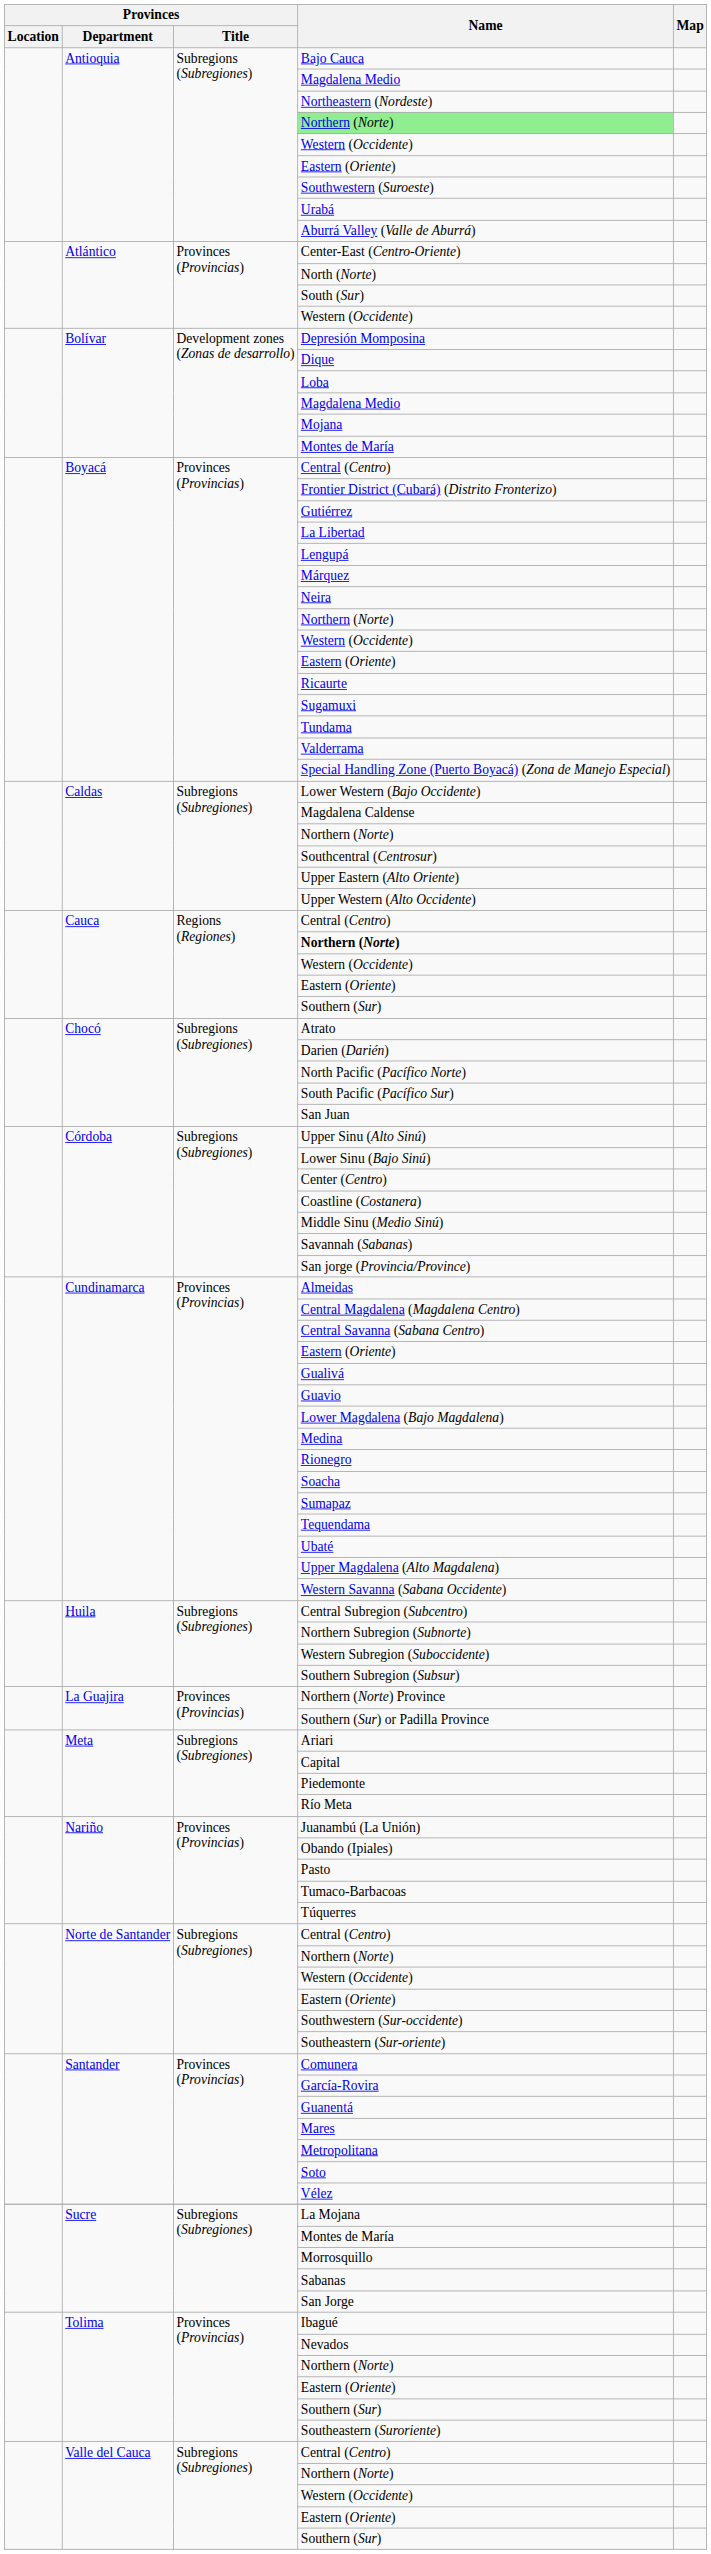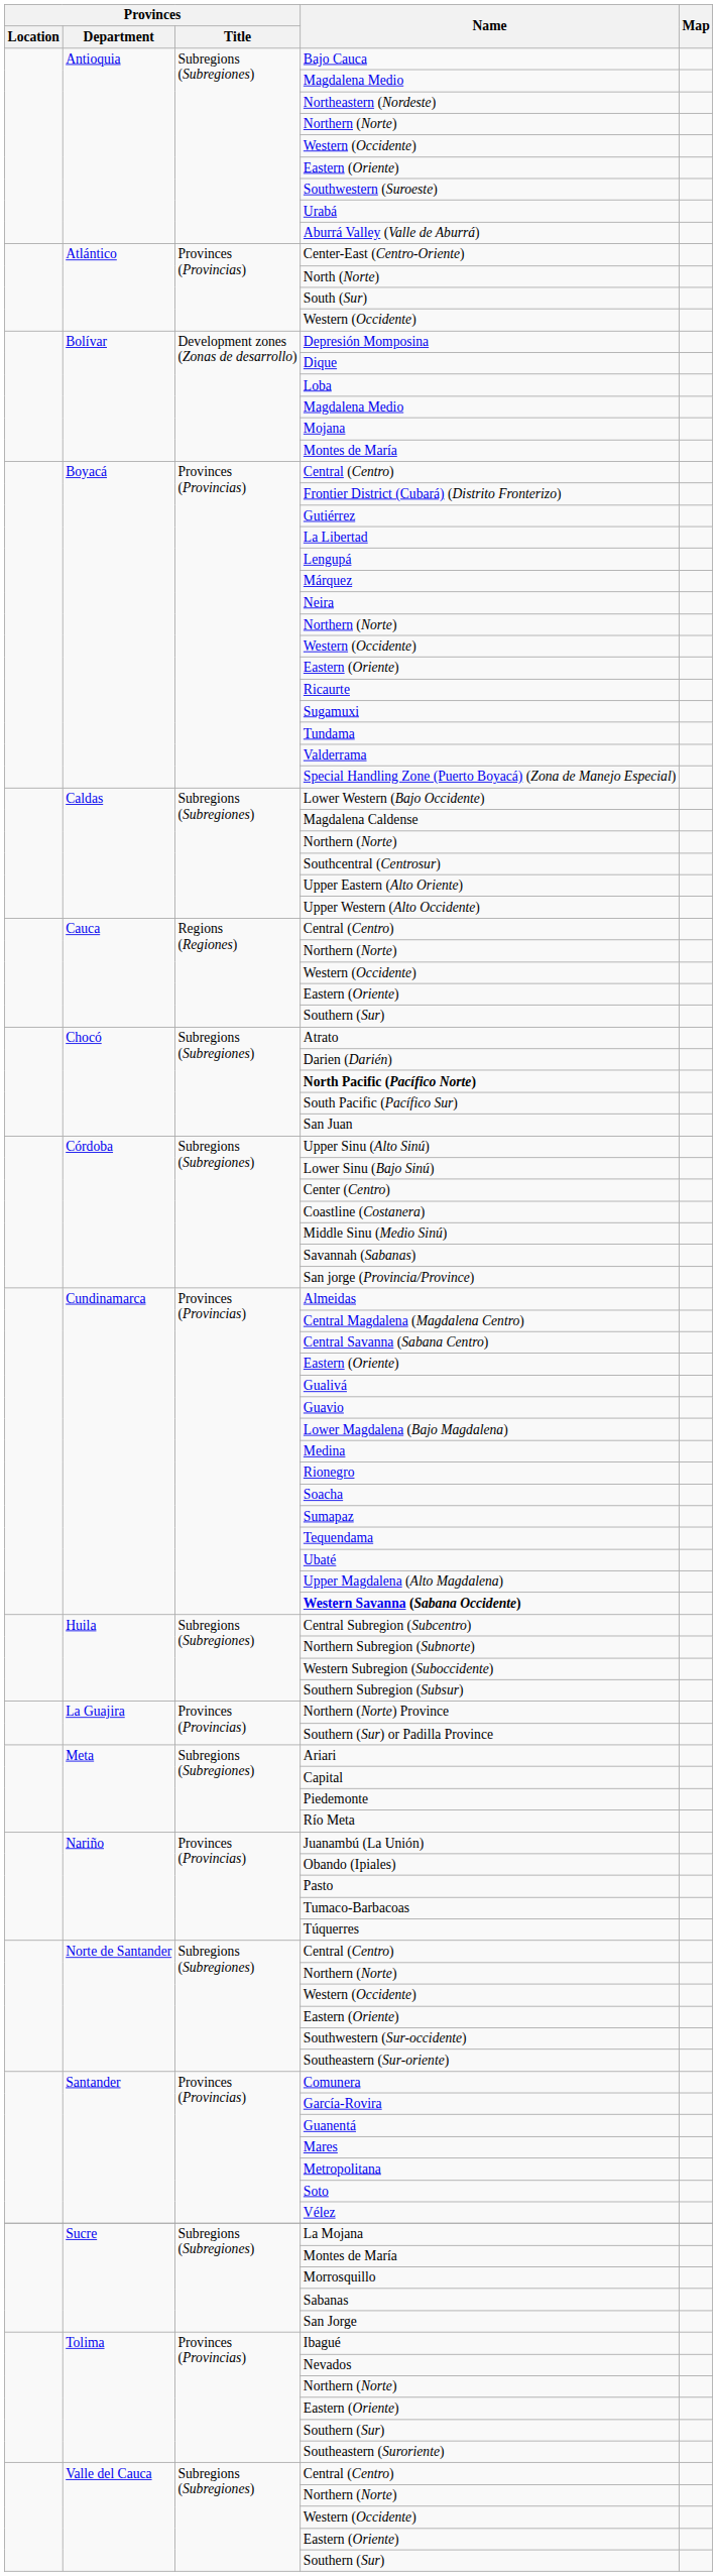 <table class="wikitable">
 <tr>
 <th colspan="3">Provinces</th>
 <th rowspan="2">Name</th>
 <th rowspan="2">Map</th>
 </tr>
 <tr>
 <th>Location</th>
 <th>Department</th>
 <th>Title</th>
 </tr>
 <tr>
 <td valign="top" rowspan="9"></td>
 <td valign="top" rowspan="9"><a href='#'>Antioquia</a></td>
 <td valign="top" rowspan="9">Subregions<br>(<em>Subregiones</em>) </td>
 <td><a href='#'>Bajo Cauca</a></td>
 <td></td>
 </tr>
 <tr>
 <td><a href='#'>Magdalena Medio</a></td>
 <td></td>
 </tr>
 <tr>
 <td><a href='#'>Northeastern</a> (<em>Nordeste</em>)</td>
 <td></td>
 </tr>
 <tr>
-<td style="background: lightgreen;"><a href='#'>Northern</a> (<em>Norte</em>)</td>
+<td><a href='#'>Northern</a> (<em>Norte</em>)</td>
 <td></td>
 </tr>
 <tr>
 <td><a href='#'>Western</a> (<em>Occidente</em>)</td>
 <td></td>
 </tr>
 <tr>
 <td><a href='#'>Eastern</a> (<em>Oriente</em>)</td>
 <td></td>
 </tr>
 <tr>
 <td><a href='#'>Southwestern</a> (<em>Suroeste</em>)</td>
 <td></td>
 </tr>
 <tr>
 <td><a href='#'>Urabá</a></td>
 <td></td>
 </tr>
 <tr>
 <td><a href='#'>Aburrá Valley</a> (<em>Valle de Aburrá</em>)</td>
 <td></td>
 </tr>
 <tr>
 <td valign="top" rowspan="4"></td>
 <td valign="top" rowspan="4"><a href='#'>Atlántico</a></td>
 <td valign="top" rowspan="4">Provinces<br>(<em>Provincias</em>)</td>
 <td>Center-East (<em>Centro-Oriente</em>)</td>
 <td></td>
 </tr>
 <tr>
 <td>North (<em>Norte</em>)</td>
 <td></td>
 </tr>
 <tr>
 <td>South (<em>Sur</em>)</td>
 <td></td>
 </tr>
 <tr>
 <td>Western (<em>Occidente</em>)</td>
 <td></td>
 </tr>
 <tr>
 <td valign="top" rowspan="6"></td>
 <td valign="top" rowspan="6"><a href='#'>Bolívar</a></td>
 <td valign="top" rowspan="6">Development zones<br>(<em>Zonas de desarrollo</em>)</td>
 <td><a href='#'>Depresión Momposina</a></td>
 <td></td>
 </tr>
 <tr>
 <td><a href='#'>Dique</a></td>
 <td></td>
 </tr>
 <tr>
 <td><a href='#'>Loba</a></td>
 <td></td>
 </tr>
 <tr>
 <td><a href='#'>Magdalena Medio</a></td>
 <td></td>
 </tr>
 <tr>
 <td><a href='#'>Mojana</a></td>
 <td></td>
 </tr>
 <tr>
 <td><a href='#'>Montes de María</a></td>
 <td></td>
 </tr>
 <tr>
 <td valign="top" rowspan="15"></td>
 <td valign="top" rowspan="15"><a href='#'>Boyacá</a></td>
 <td valign="top" rowspan="15">Provinces<br>(<em>Provincias</em>) </td>
 <td><a href='#'>Central</a> (<em>Centro</em>)</td>
 <td></td>
 </tr>
 <tr>
 <td><a href='#'>Frontier District (Cubará)</a> (<em>Distrito Fronterizo</em>)</td>
 <td></td>
 </tr>
 <tr>
 <td><a href='#'>Gutiérrez</a></td>
 <td></td>
 </tr>
 <tr>
 <td><a href='#'>La Libertad</a></td>
 <td></td>
 </tr>
 <tr>
 <td><a href='#'>Lengupá</a></td>
 <td></td>
 </tr>
 <tr>
 <td><a href='#'>Márquez</a></td>
 <td></td>
 </tr>
 <tr>
 <td><a href='#'>Neira</a></td>
 <td></td>
 </tr>
 <tr>
 <td><a href='#'>Northern</a> (<em>Norte</em>)</td>
 <td></td>
 </tr>
 <tr>
 <td><a href='#'>Western</a> (<em>Occidente</em>)</td>
 <td></td>
 </tr>
 <tr>
 <td><a href='#'>Eastern</a> (<em>Oriente</em>)</td>
 <td></td>
 </tr>
 <tr>
 <td><a href='#'>Ricaurte</a></td>
 <td></td>
 </tr>
 <tr>
 <td><a href='#'>Sugamuxi</a></td>
 <td></td>
 </tr>
 <tr>
 <td><a href='#'>Tundama</a></td>
 <td></td>
 </tr>
 <tr>
 <td><a href='#'>Valderrama</a></td>
 <td></td>
 </tr>
 <tr>
 <td><a href='#'>Special Handling Zone (Puerto Boyacá)</a> (<em>Zona de Manejo Especial</em>)</td>
 <td></td>
 </tr>
 <tr>
 <td valign="top" rowspan="6"></td>
 <td valign="top" rowspan="6"><a href='#'>Caldas</a></td>
 <td valign="top" rowspan="6">Subregions<br>(<em>Subregiones</em>) </td>
 <td>Lower Western (<em>Bajo Occidente</em>)</td>
 <td></td>
 </tr>
 <tr>
 <td>Magdalena Caldense</td>
 <td></td>
 </tr>
 <tr>
 <td>Northern (<em>Norte</em>)</td>
 <td></td>
 </tr>
 <tr>
 <td>Southcentral (<em>Centrosur</em>)</td>
 <td></td>
 </tr>
 <tr>
 <td>Upper Eastern (<em>Alto Oriente</em>)</td>
 <td></td>
 </tr>
 <tr>
 <td>Upper Western (<em>Alto Occidente</em>)</td>
 </tr>
 <tr>
 <td valign="top" rowspan="5"></td>
 <td valign="top" rowspan="5"><a href='#'>Cauca</a></td>
 <td valign="top" rowspan="5">Regions<br>(<em>Regiones</em>)</td>
 <td>Central (<em>Centro</em>)</td>
 <td></td>
 </tr>
 <tr>
-<td><strong>Northern (<em>Norte</em>)</strong></td>
+<td>Northern (<em>Norte</em>)</td>
 <td></td>
 </tr>
 <tr>
 <td>Western (<em>Occidente</em>)</td>
 <td></td>
 </tr>
 <tr>
 <td>Eastern (<em>Oriente</em>)</td>
 <td></td>
 </tr>
 <tr>
 <td>Southern (<em>Sur</em>)</td>
 <td></td>
 </tr>
 <tr>
 <td valign="top" rowspan="5"></td>
 <td valign="top" rowspan="5"><a href='#'>Chocó</a></td>
 <td valign="top" rowspan="5">Subregions<br>(<em>Subregiones</em>)</td>
 <td>Atrato</td>
 <td></td>
 </tr>
 <tr>
 <td>Darien (<em>Darién</em>)</td>
 <td></td>
 </tr>
 <tr>
-<td>North Pacific (<em>Pacífico Norte</em>)</td>
+<td><strong>North Pacific (<em>Pacífico Norte</em>)</strong></td>
 <td></td>
 </tr>
 <tr>
 <td>South Pacific (<em>Pacífico Sur</em>)</td>
 <td></td>
 </tr>
 <tr>
 <td>San Juan</td>
 <td></td>
 </tr>
 <tr>
 <td valign="top" rowspan="7"></td>
 <td valign="top" rowspan="7"><a href='#'>Córdoba</a></td>
 <td valign="top" rowspan="7">Subregions<br>(<em>Subregiones</em>)</td>
 <td>Upper Sinu (<em>Alto Sinú</em>)</td>
 <td></td>
 </tr>
 <tr>
 <td>Lower Sinu (<em>Bajo Sinú</em>)</td>
 <td></td>
 </tr>
 <tr>
 <td>Center (<em>Centro</em>)</td>
 <td></td>
 </tr>
 <tr>
 <td>Coastline (<em>Costanera</em>)</td>
 <td></td>
 </tr>
 <tr>
 <td>Middle Sinu (<em>Medio Sinú</em>)</td>
 <td></td>
 </tr>
 <tr>
 <td>Savannah (<em>Sabanas</em>)</td>
 <td></td>
 </tr>
 <tr>
 <td>San jorge (<em>Provincia/Province</em>)</td>
 <td></td>
 </tr>
 <tr>
 <td valign="top" rowspan="15"></td>
 <td valign="top" rowspan="15"><a href='#'>Cundinamarca</a></td>
 <td valign="top" rowspan="15">Provinces<br>(<em>Provincias</em>) </td>
 <td><a href='#'>Almeidas</a></td>
 <td></td>
 </tr>
 <tr>
 <td><a href='#'>Central Magdalena</a> (<em>Magdalena Centro</em>)</td>
 <td></td>
 </tr>
 <tr>
 <td><a href='#'>Central Savanna</a> (<em>Sabana Centro</em>)</td>
 <td></td>
 </tr>
 <tr>
 <td><a href='#'>Eastern</a> (<em>Oriente</em>)</td>
 <td></td>
 </tr>
 <tr>
 <td><a href='#'>Gualivá</a></td>
 <td></td>
 </tr>
 <tr>
 <td><a href='#'>Guavio</a></td>
 <td></td>
 </tr>
 <tr>
 <td><a href='#'>Lower Magdalena</a> (<em>Bajo Magdalena</em>)</td>
 <td></td>
 </tr>
 <tr>
 <td><a href='#'>Medina</a></td>
 <td></td>
 </tr>
 <tr>
 <td><a href='#'>Rionegro</a></td>
 <td></td>
 </tr>
 <tr>
 <td><a href='#'>Soacha</a></td>
 <td></td>
 </tr>
 <tr>
 <td><a href='#'>Sumapaz</a></td>
 <td></td>
 </tr>
 <tr>
 <td><a href='#'>Tequendama</a></td>
 <td></td>
 </tr>
 <tr>
 <td><a href='#'>Ubaté</a></td>
 <td></td>
 </tr>
 <tr>
 <td><a href='#'>Upper Magdalena</a> (<em>Alto Magdalena</em>)</td>
 <td></td>
 </tr>
 <tr>
-<td><a href='#'>Western Savanna</a> (<em>Sabana Occidente</em>)</td>
+<td><strong><a href='#'>Western Savanna</a> (<em>Sabana Occidente</em>)</strong></td>
 <td></td>
 </tr>
 <tr>
 <td valign="top" rowspan="4"></td>
 <td valign="top" rowspan="4"><a href='#'>Huila</a></td>
 <td valign="top" rowspan="4">Subregions<br>(<em>Subregiones</em>) </td>
 <td>Central Subregion (<em>Subcentro</em>)</td>
 <td></td>
 </tr>
 <tr>
 <td>Northern Subregion (<em>Subnorte</em>)</td>
 <td></td>
 </tr>
 <tr>
 <td>Western Subregion (<em>Suboccidente</em>)</td>
 <td></td>
 </tr>
 <tr>
 <td>Southern Subregion (<em>Subsur</em>)</td>
 <td></td>
 </tr>
 <tr>
 <td valign="top" rowspan="2"></td>
 <td valign="top" rowspan="2"><a href='#'>La Guajira</a></td>
 <td valign="top" rowspan="2">Provinces<br>(<em>Provincias</em>)</td>
 <td>Northern (<em>Norte</em>) Province</td>
 <td></td>
 </tr>
 <tr>
 <td>Southern (<em>Sur</em>) or Padilla Province</td>
 <td></td>
 </tr>
 <tr>
 <td valign="top" rowspan="4"></td>
 <td valign="top" rowspan="4"><a href='#'>Meta</a></td>
 <td valign="top" rowspan="4">Subregions<br>(<em>Subregiones</em>)</td>
 <td>Ariari</td>
 <td></td>
 </tr>
 <tr>
 <td>Capital</td>
 <td></td>
 </tr>
 <tr>
 <td>Piedemonte</td>
 <td></td>
 </tr>
 <tr>
 <td>Río Meta</td>
 <td></td>
 </tr>
 <tr>
 <td valign="top" rowspan="5"></td>
 <td valign="top" rowspan="5"><a href='#'>Nariño</a></td>
 <td valign="top" rowspan="5">Provinces<br>(<em>Provincias</em>)</td>
 <td>Juanambú (La Unión)</td>
 <td></td>
 </tr>
 <tr>
 <td>Obando (Ipiales)</td>
 <td></td>
 </tr>
 <tr>
 <td>Pasto</td>
 <td></td>
 </tr>
 <tr>
 <td>Tumaco-Barbacoas</td>
 <td></td>
 </tr>
 <tr>
 <td>Túquerres</td>
 <td></td>
 </tr>
 <tr>
 <td valign="top" rowspan="6"></td>
 <td valign="top" rowspan="6"><a href='#'>Norte de Santander</a></td>
 <td valign="top" rowspan="6">Subregions<br>(<em>Subregiones</em>) </td>
 <td>Central (<em>Centro</em>)</td>
 <td></td>
 </tr>
 <tr>
 <td>Northern (<em>Norte</em>)</td>
 <td></td>
 </tr>
 <tr>
 <td>Western (<em>Occidente</em>)</td>
 <td></td>
 </tr>
 <tr>
 <td>Eastern (<em>Oriente</em>)</td>
 <td></td>
 </tr>
 <tr>
 <td>Southwestern (<em>Sur-occidente</em>)</td>
 <td></td>
 </tr>
 <tr>
 <td>Southeastern (<em>Sur-oriente</em>)</td>
 <td></td>
 </tr>
 <tr>
 <td valign="top" rowspan="7"></td>
 <td valign="top" rowspan="7"><a href='#'>Santander</a></td>
 <td valign="top" rowspan="7">Provinces<br>(<em>Provincias</em>)</td>
 <td><a href='#'>Comunera</a></td>
 <td></td>
 </tr>
 <tr>
 <td><a href='#'>García-Rovira</a></td>
 <td></td>
 </tr>
 <tr>
 <td><a href='#'>Guanentá</a></td>
 <td></td>
 </tr>
 <tr>
 <td><a href='#'>Mares</a></td>
 <td></td>
 </tr>
 <tr>
 <td><a href='#'>Metropolitana</a></td>
 <td></td>
 </tr>
 <tr>
 <td><a href='#'>Soto</a></td>
 <td></td>
 </tr>
 <tr>
 <td><a href='#'>Vélez</a></td>
 <td></td>
 </tr>
 <tr>
 </tr>
 <tr>
 <td valign="top" rowspan="5"></td>
 <td valign="top" rowspan="5"><a href='#'>Sucre</a></td>
 <td valign="top" rowspan="5">Subregions<br>(<em>Subregiones</em>) </td>
 <td>La Mojana</td>
 <td></td>
 </tr>
 <tr>
 <td>Montes de María</td>
 <td></td>
 </tr>
 <tr>
 <td>Morrosquillo</td>
 <td></td>
 </tr>
 <tr>
 <td>Sabanas</td>
 <td></td>
 </tr>
 <tr>
 <td>San Jorge</td>
 <td></td>
 </tr>
 <tr>
 <td valign="top" rowspan="6"></td>
 <td valign="top" rowspan="6"><a href='#'>Tolima</a></td>
 <td valign="top" rowspan="6">Provinces<br>(<em>Provincias</em>)</td>
 <td>Ibagué</td>
 <td></td>
 </tr>
 <tr>
 <td>Nevados</td>
 <td></td>
 </tr>
 <tr>
 <td>Northern (<em>Norte</em>)</td>
 <td></td>
 </tr>
 <tr>
 <td>Eastern (<em>Oriente</em>)</td>
 <td></td>
 </tr>
 <tr>
 <td>Southern (<em>Sur</em>)</td>
 <td></td>
 </tr>
 <tr>
 <td>Southeastern (<em>Suroriente</em>)</td>
 <td></td>
 </tr>
 <tr>
 <td valign="top" rowspan="5"></td>
 <td valign="top" rowspan="5"><a href='#'>Valle del Cauca</a></td>
 <td valign="top" rowspan="5">Subregions<br>(<em>Subregiones</em>) </td>
 <td>Central (<em>Centro</em>)</td>
 <td></td>
 </tr>
 <tr>
 <td>Northern (<em>Norte</em>)</td>
 <td></td>
 </tr>
 <tr>
 <td>Western (<em>Occidente</em>)</td>
 <td></td>
 </tr>
 <tr>
 <td>Eastern (<em>Oriente</em>)</td>
 <td></td>
 </tr>
 <tr>
 <td>Southern (<em>Sur</em>)</td>
 <td></td>
 </tr>
 </table>
